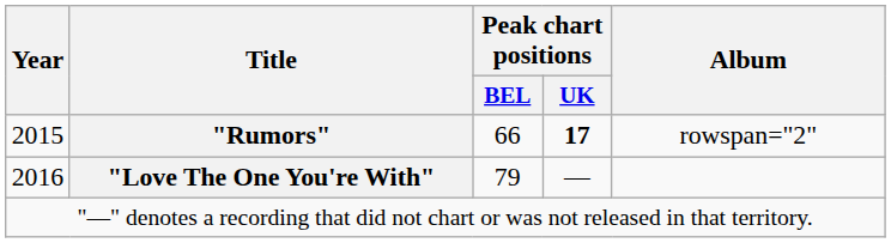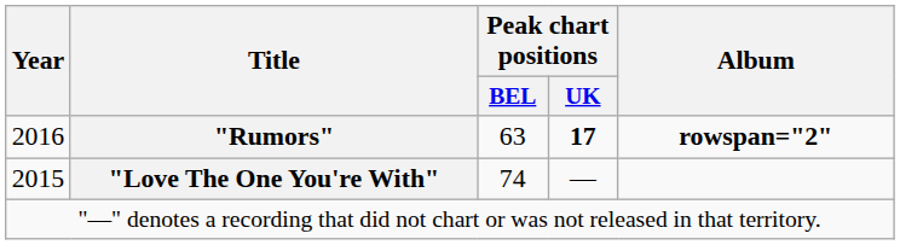 <table class="wikitable plainrowheaders" style="text-align:center;">
 <tr>
 <th scope="col" rowspan="2" style="width:1em;">Year</th>
 <th scope="col" rowspan="2" style="width:15em;">Title</th>
 <th scope="col" colspan="2">Peak chart positions</th>
 <th scope="col" rowspan="2" style="width:10em;">Album</th>
 </tr>
 <tr>
 <th scope="col" style="width:2.5em;font-size:90%;"><a href='#'>BEL</a><br></th>
 <th scope="col" style="width:2.5em;font-size:90%;"><a href='#'>UK</a><br></th>
 </tr>
 <tr>
-<td rowspan="1">2015</td>
+<td rowspan="1">2016</td>
 <th scope="row">"Rumors"</th>
-<td>66</td>
+<td>63</td>
 <td><strong>17</strong></td>
-<td>rowspan="2" </td>
+<td><strong>rowspan="2" </strong></td>
 </tr>
 <tr>
-<td rowspan="1">2016</td>
+<td rowspan="1">2015</td>
 <th scope="row">"Love The One You're With"</th>
-<td>79</td>
+<td>74</td>
 <td>—</td>
 </tr>
 <tr>
 <td colspan="16" style="font-size:90%">"—" denotes a recording that did not chart or was not released in that territory.</td>
 </tr>
 </table>
